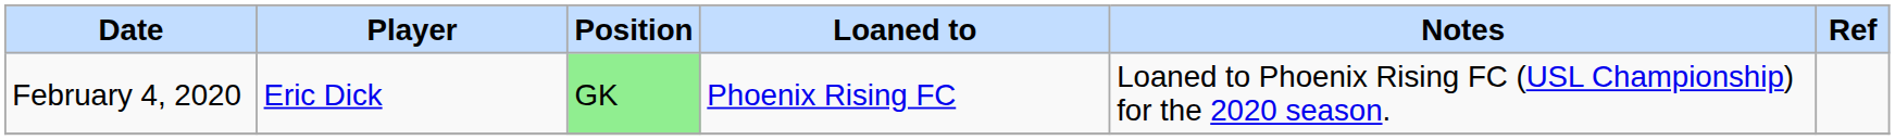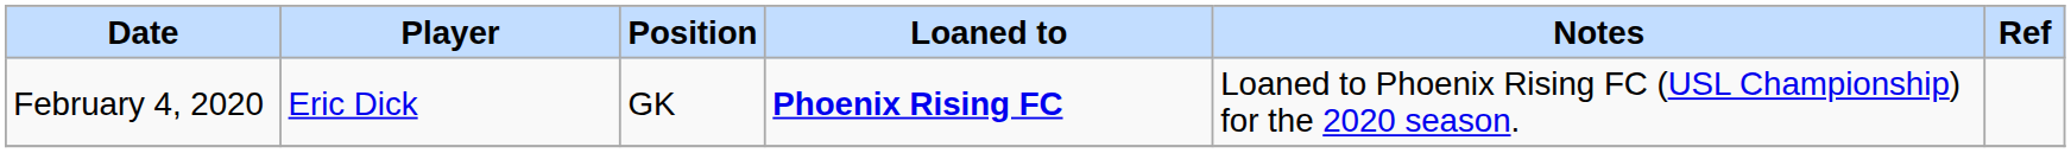 <table class="wikitable" style="text-align:left; font-size:95%;">
 <tr>
 <th style="background:#c2ddff; width:120px;">Date</th>
 <th style="background:#c2ddff; width:150px;">Player</th>
 <th style="background:#c2ddff; width:50px;">Position</th>
 <th style="background:#c2ddff; width:200px;">Loaned to</th>
 <th style="background:#c2ddff; width:350px;">Notes</th>
 <th style="background:#c2ddff; width:30px;">Ref</th>
 </tr>
 <tr>
 <td>February 4, 2020</td>
 <td> <a href='#'>Eric Dick</a></td>
-<td style="background: lightgreen;">GK</td>
-<td><a href='#'>Phoenix Rising FC</a></td>
+<td>GK</td>
+<td><strong><a href='#'>Phoenix Rising FC</a></strong></td>
 <td>Loaned to Phoenix Rising FC (<a href='#'>USL Championship</a>) for the <a href='#'>2020 season</a>.</td>
 <td></td>
 </tr>
 <tr>
 </tr>
 </table>
